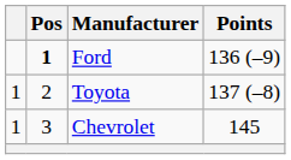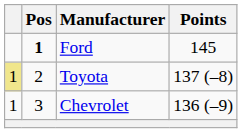 <table class="wikitable" style="font-size: 95%">
 <tr>
 <th></th>
 <th>Pos</th>
 <th>Manufacturer</th>
 <th>Points</th>
 </tr>
 <tr>
 <td align="left"></td>
 <td style="text-align:center;"><strong>1</strong></td>
 <td><a href='#'>Ford</a></td>
-<td style="text-align:center;">136 (–9)</td>
+<td style="text-align:center;">145</td>
 </tr>
 <tr>
-<td align="left"> 1</td>
+<td align="left" style="background: khaki;"> 1</td>
 <td style="text-align:center;">2</td>
 <td><a href='#'>Toyota</a></td>
 <td style="text-align:center;">137 (–8)</td>
 </tr>
 <tr>
 <td align="left"> 1</td>
 <td style="text-align:center;">3</td>
 <td><a href='#'>Chevrolet</a></td>
-<td style="text-align:center;">145</td>
+<td style="text-align:center;">136 (–9)</td>
 </tr>
 <tr class="sortbottom">
 <th colspan="9"></th>
 </tr>
 </table>
